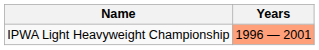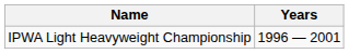 <table class="wikitable" border="1">
 <tr>
 <th>Name</th>
 <th>Years</th>
 </tr>
 <tr>
 <td>IPWA Light Heavyweight Championship</td>
-<td style="background: lightsalmon;">1996 — 2001</td>
+<td>1996 — 2001</td>
 </tr>
 </table>
